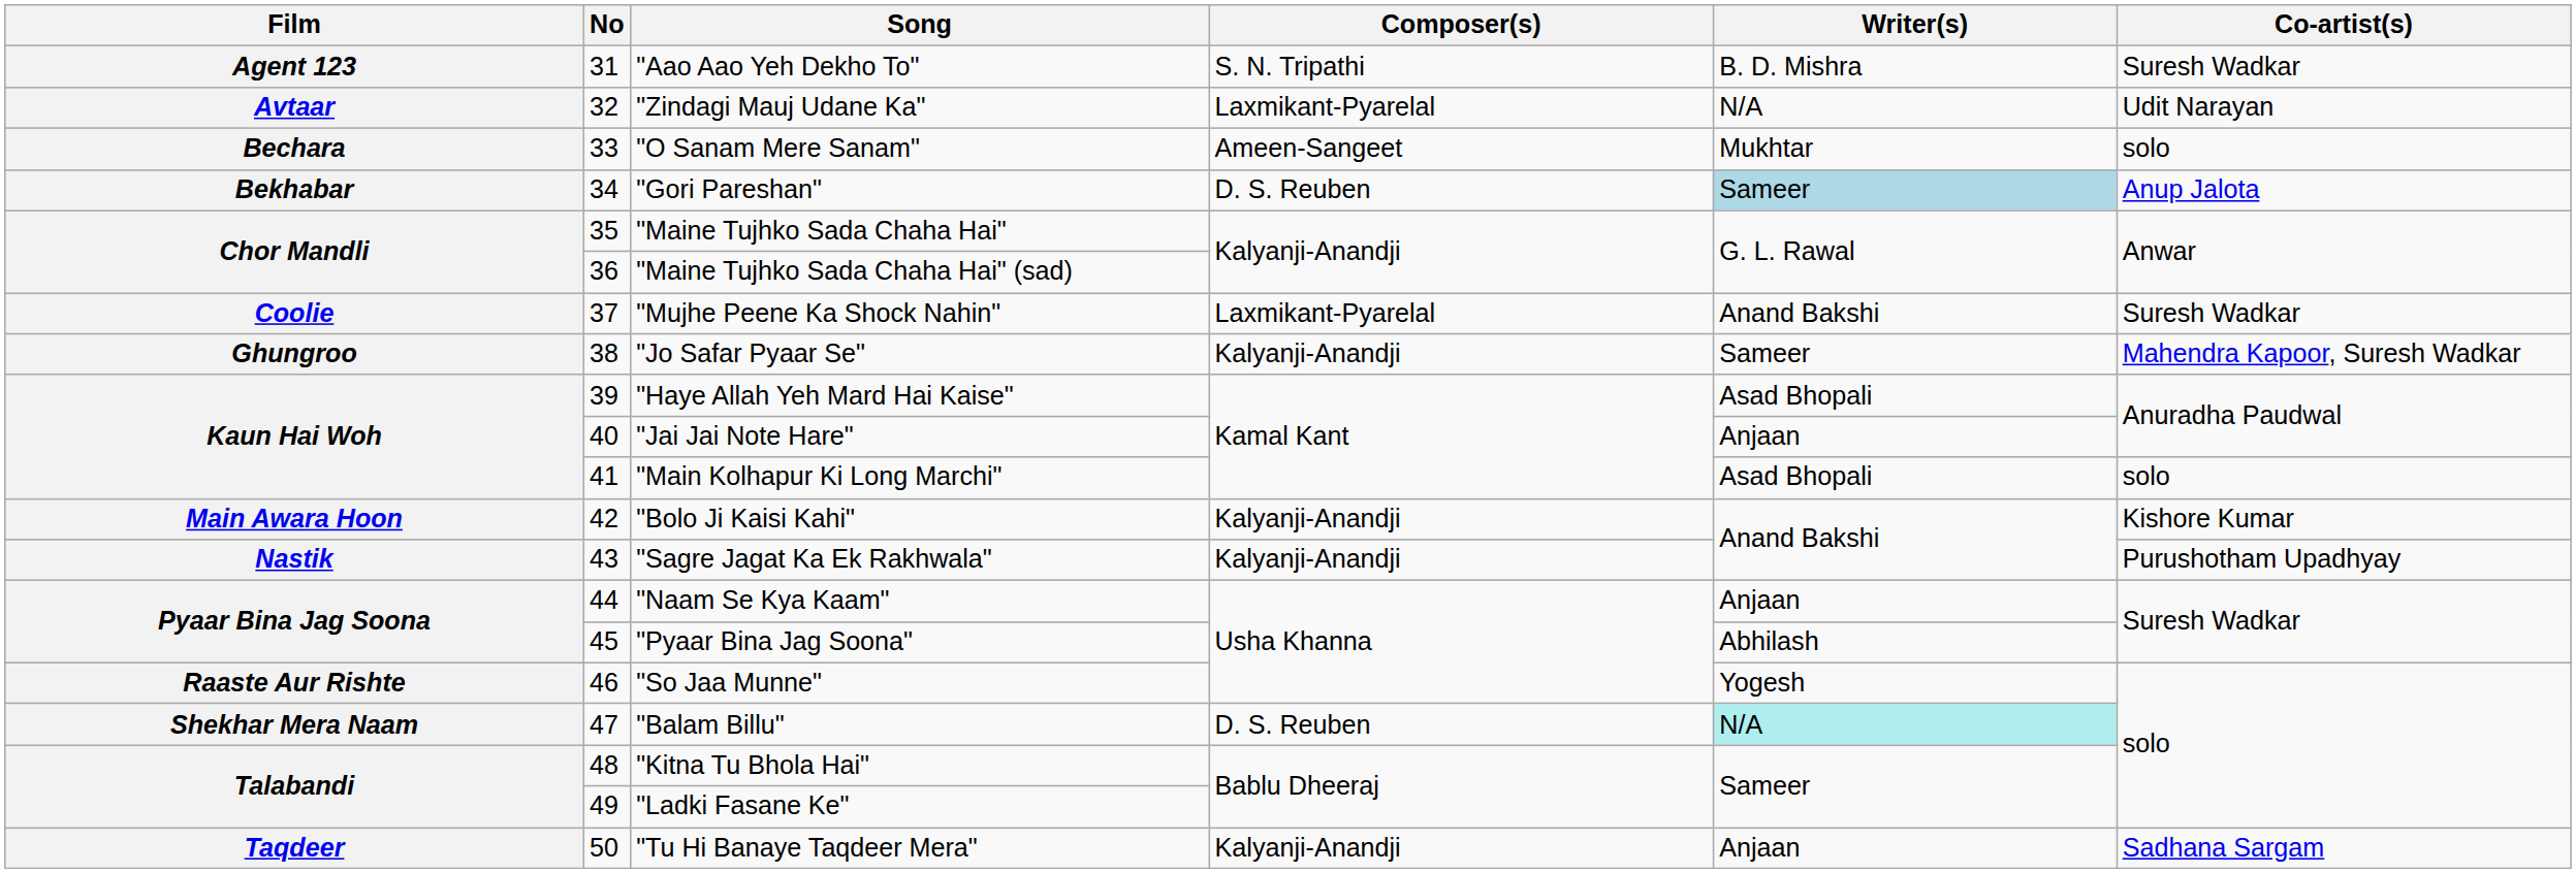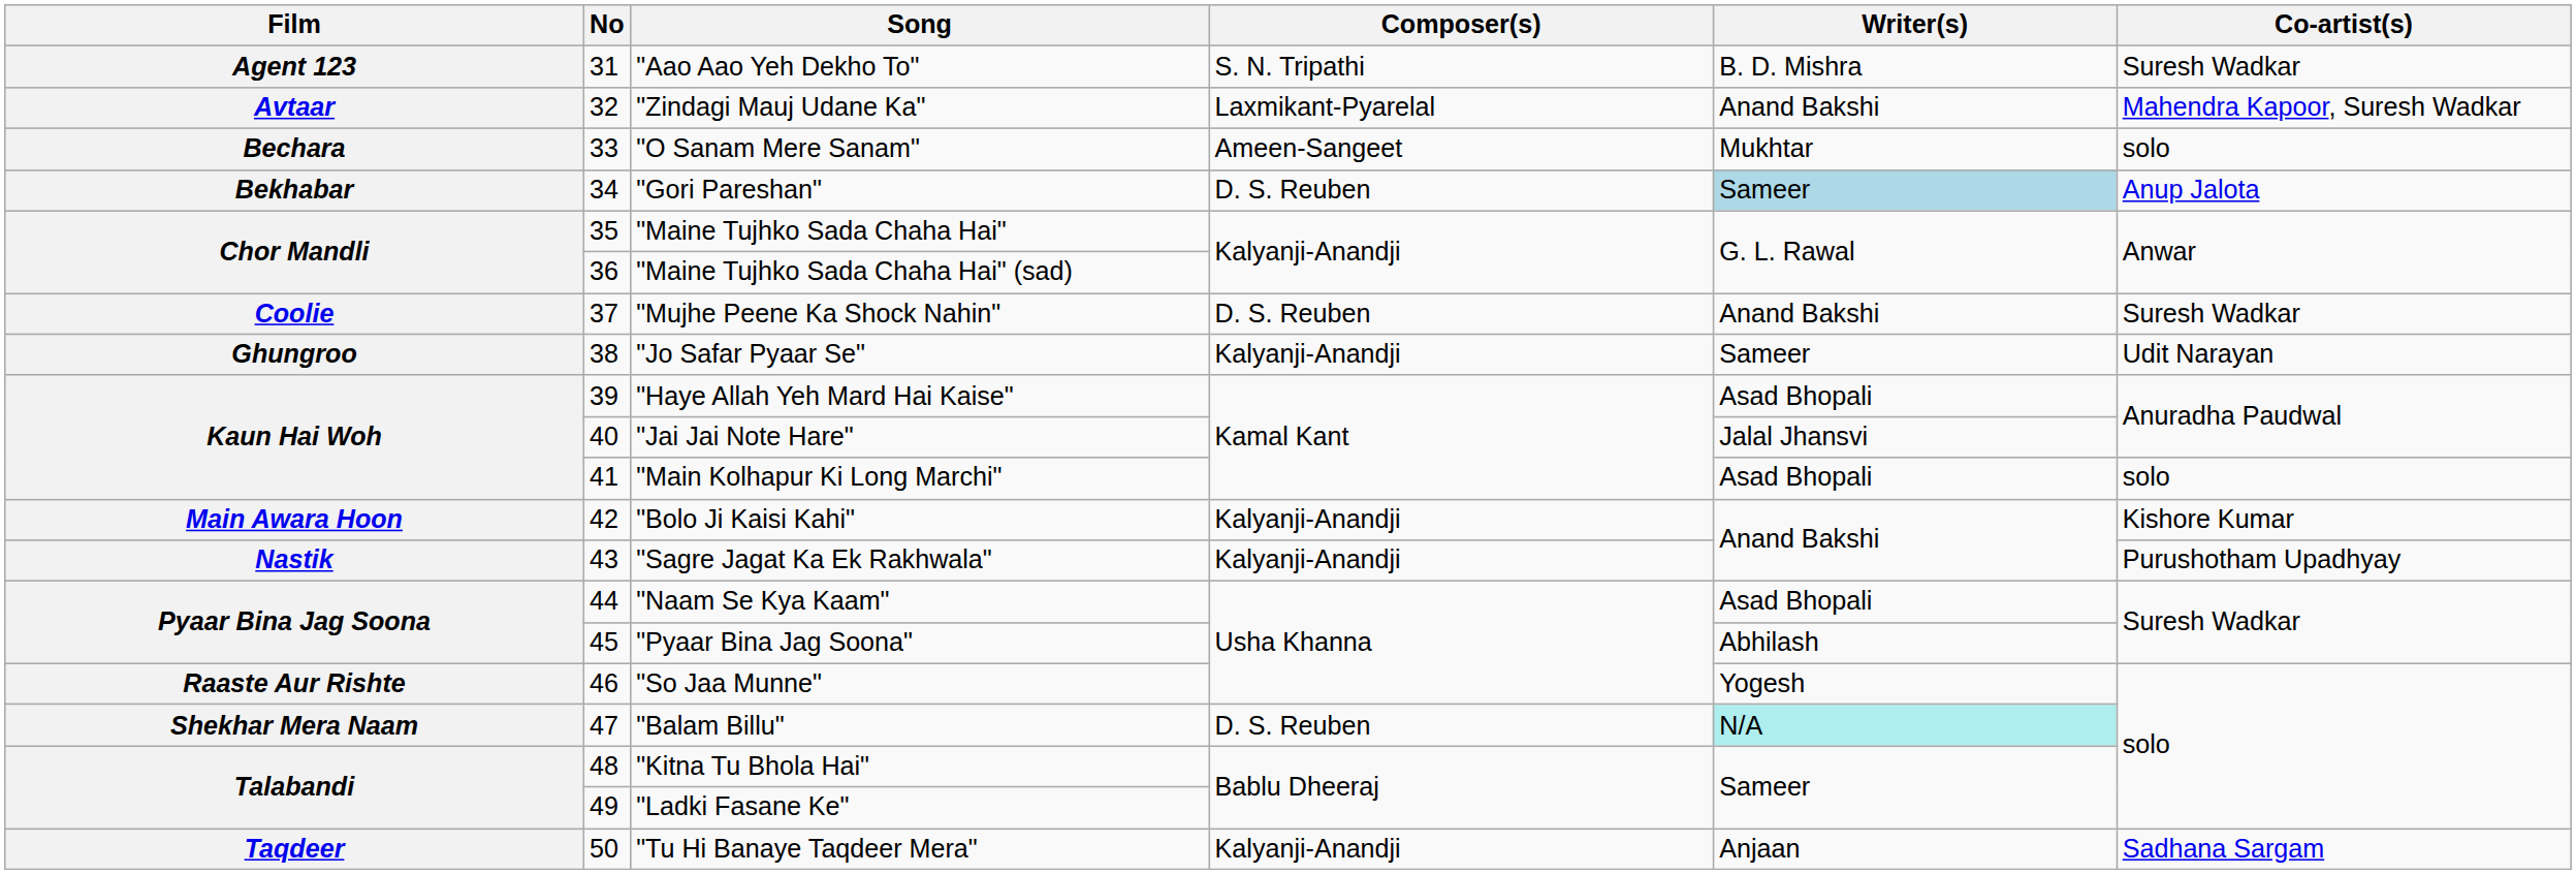 <table class="wikitable plainrowheaders" width="100%" textcolor:#000;">
 <tr style="background:#b0e0e66;">
 <th scope="col" width=23%><strong>Film</strong></th>
 <th><strong>No</strong></th>
 <th scope="col" width=23%><strong>Song</strong></th>
 <th scope="col" width=20%><strong>Composer(s)</strong></th>
 <th scope="col" width=16%><strong>Writer(s)</strong></th>
 <th scope="col" width=18%><strong>Co-artist(s)</strong></th>
 </tr>
 <tr>
 <th><em>Agent 123</em></th>
 <td>31</td>
 <td>"Aao Aao Yeh Dekho To"</td>
 <td>S. N. Tripathi</td>
 <td>B. D. Mishra</td>
 <td>Suresh Wadkar</td>
 </tr>
 <tr>
 <th><em><a href='#'>Avtaar</a></em></th>
 <td>32</td>
 <td>"Zindagi Mauj Udane Ka"</td>
 <td>Laxmikant-Pyarelal</td>
-<td>N/A</td>
-<td>Udit Narayan</td>
+<td>Anand Bakshi</td>
+<td><a href='#'>Mahendra Kapoor</a>, Suresh Wadkar</td>
 </tr>
 <tr>
 <th><em>Bechara</em></th>
 <td>33</td>
 <td>"O Sanam Mere Sanam"</td>
 <td>Ameen-Sangeet</td>
 <td>Mukhtar</td>
 <td>solo</td>
 </tr>
 <tr>
 <th><em>Bekhabar</em></th>
 <td>34</td>
 <td>"Gori Pareshan"</td>
 <td>D. S. Reuben</td>
 <td style="background: lightblue;">Sameer</td>
 <td><a href='#'>Anup Jalota</a></td>
 </tr>
 <tr>
 <th rowspan=2><em>Chor Mandli</em></th>
 <td>35</td>
 <td>"Maine Tujhko Sada Chaha Hai"</td>
 <td rowspan=2>Kalyanji-Anandji</td>
 <td rowspan=2>G. L. Rawal</td>
 <td rowspan=2>Anwar</td>
 </tr>
 <tr>
 <td>36</td>
 <td>"Maine Tujhko Sada Chaha Hai" (sad)</td>
 </tr>
 <tr>
 <th><em><a href='#'>Coolie</a></em></th>
 <td>37</td>
 <td>"Mujhe Peene Ka Shock Nahin"</td>
-<td>Laxmikant-Pyarelal</td>
+<td>D. S. Reuben</td>
 <td>Anand Bakshi</td>
 <td>Suresh Wadkar</td>
 </tr>
 <tr>
 <th><em>Ghungroo</em></th>
 <td>38</td>
 <td>"Jo Safar Pyaar Se"</td>
 <td>Kalyanji-Anandji</td>
 <td>Sameer</td>
-<td><a href='#'>Mahendra Kapoor</a>, Suresh Wadkar</td>
+<td>Udit Narayan</td>
 </tr>
 <tr>
 <th rowspan=3><em>Kaun Hai Woh</em></th>
 <td>39</td>
 <td>"Haye Allah Yeh Mard Hai Kaise"</td>
 <td rowspan=3>Kamal Kant</td>
 <td>Asad Bhopali</td>
 <td rowspan=2>Anuradha Paudwal</td>
 </tr>
 <tr>
 <td>40</td>
 <td>"Jai Jai Note Hare"</td>
-<td>Anjaan</td>
+<td>Jalal Jhansvi</td>
 </tr>
 <tr>
 <td>41</td>
 <td>"Main Kolhapur Ki Long Marchi"</td>
 <td>Asad Bhopali</td>
 <td>solo</td>
 </tr>
 <tr>
 <th><em><a href='#'>Main Awara Hoon</a></em></th>
 <td>42</td>
 <td>"Bolo Ji Kaisi Kahi"</td>
 <td>Kalyanji-Anandji</td>
 <td rowspan=2>Anand Bakshi</td>
 <td>Kishore Kumar</td>
 </tr>
 <tr>
 <th><em><a href='#'>Nastik</a></em></th>
 <td>43</td>
 <td>"Sagre Jagat Ka Ek Rakhwala"</td>
 <td>Kalyanji-Anandji</td>
 <td>Purushotham Upadhyay</td>
 </tr>
 <tr>
 <th rowspan=2><em>Pyaar Bina Jag Soona</em></th>
 <td>44</td>
 <td>"Naam Se Kya Kaam"</td>
 <td rowspan=3>Usha Khanna</td>
-<td>Anjaan</td>
+<td>Asad Bhopali</td>
 <td rowspan=2>Suresh Wadkar</td>
 </tr>
 <tr>
 <td>45</td>
 <td>"Pyaar Bina Jag Soona"</td>
 <td>Abhilash</td>
 </tr>
 <tr>
 <th><em>Raaste Aur Rishte</em></th>
 <td>46</td>
 <td>"So Jaa Munne"</td>
 <td>Yogesh</td>
 <td rowspan=4>solo</td>
 </tr>
 <tr>
 <th><em>Shekhar Mera Naam</em></th>
 <td>47</td>
 <td>"Balam Billu"</td>
 <td>D. S. Reuben</td>
 <td style="background: paleturquoise;">N/A</td>
 </tr>
 <tr>
 <th rowspan=2><em>Talabandi</em></th>
 <td>48</td>
 <td>"Kitna Tu Bhola Hai"</td>
 <td rowspan=2>Bablu Dheeraj</td>
 <td rowspan=2>Sameer</td>
 </tr>
 <tr>
 <td>49</td>
 <td>"Ladki Fasane Ke"</td>
 </tr>
 <tr>
 <th><em><a href='#'>Taqdeer</a></em></th>
 <td>50</td>
 <td>"Tu Hi Banaye Taqdeer Mera"</td>
 <td>Kalyanji-Anandji</td>
 <td>Anjaan</td>
 <td><a href='#'>Sadhana Sargam</a></td>
 </tr>
 <tr>
 </tr>
 </table>
